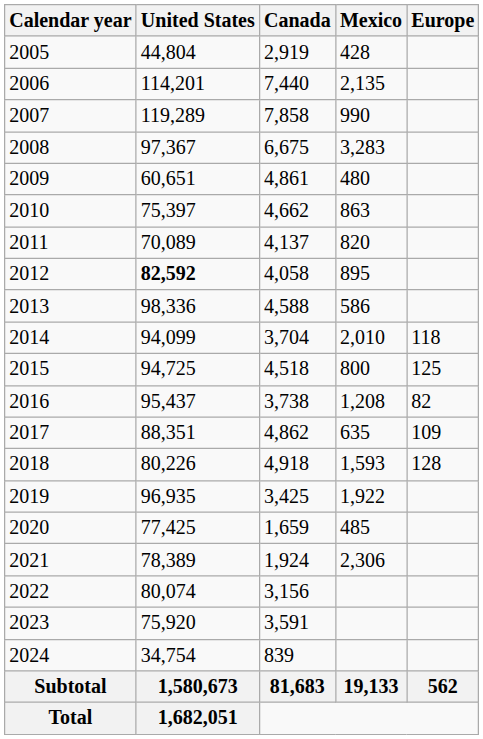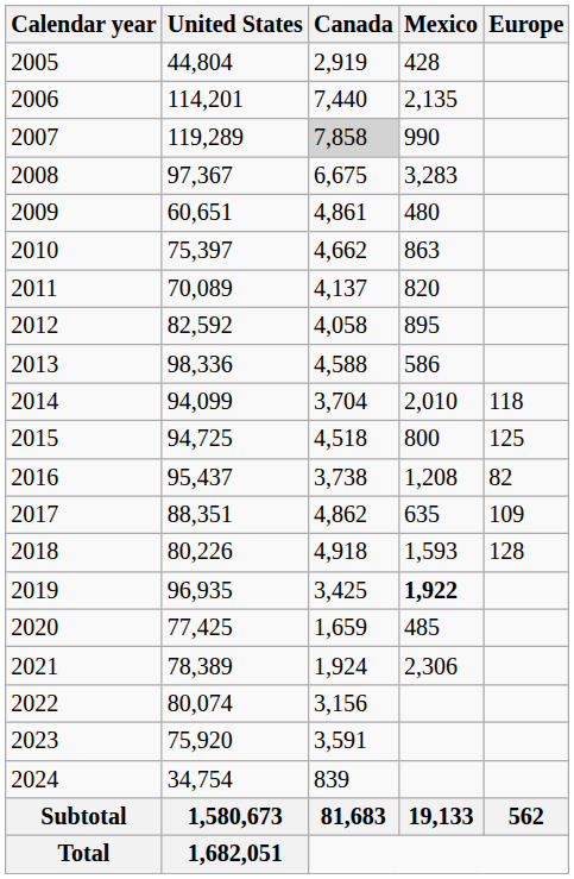 <table class="wikitable">
 <tr>
 <th>Calendar year</th>
 <th>United States</th>
 <th>Canada</th>
 <th>Mexico</th>
 <th>Europe</th>
 </tr>
 <tr>
 <td>2005</td>
 <td>44,804</td>
 <td>2,919</td>
 <td>428</td>
 <td></td>
 </tr>
 <tr>
 <td>2006</td>
 <td>114,201</td>
 <td>7,440</td>
 <td>2,135</td>
 <td></td>
 </tr>
 <tr>
 <td>2007</td>
 <td>119,289</td>
-<td>7,858</td>
+<td style="background: lightgrey;">7,858</td>
 <td>990</td>
 <td></td>
 </tr>
 <tr>
 <td>2008</td>
 <td>97,367</td>
 <td>6,675</td>
 <td>3,283</td>
 <td></td>
 </tr>
 <tr>
 <td>2009</td>
 <td>60,651</td>
 <td>4,861</td>
 <td>480</td>
 <td></td>
 </tr>
 <tr>
 <td>2010</td>
 <td>75,397</td>
 <td>4,662</td>
 <td>863</td>
 <td></td>
 </tr>
 <tr>
 <td>2011</td>
 <td>70,089</td>
 <td>4,137</td>
 <td>820</td>
 <td></td>
 </tr>
 <tr>
 <td>2012</td>
-<td><strong>82,592</strong></td>
+<td>82,592</td>
 <td>4,058</td>
 <td>895</td>
 <td></td>
 </tr>
 <tr>
 <td>2013</td>
 <td>98,336</td>
 <td>4,588</td>
 <td>586</td>
 <td></td>
 </tr>
 <tr>
 <td>2014</td>
 <td>94,099</td>
 <td>3,704</td>
 <td>2,010</td>
 <td>118</td>
 </tr>
 <tr>
 <td>2015</td>
 <td>94,725</td>
 <td>4,518</td>
 <td>800</td>
 <td>125</td>
 </tr>
 <tr>
 <td>2016</td>
 <td>95,437</td>
 <td>3,738</td>
 <td>1,208</td>
 <td>82</td>
 </tr>
 <tr>
 <td>2017</td>
 <td>88,351</td>
 <td>4,862</td>
 <td>635</td>
 <td>109</td>
 </tr>
 <tr>
 <td>2018</td>
 <td>80,226</td>
 <td>4,918</td>
 <td>1,593</td>
 <td>128</td>
 </tr>
 <tr>
 <td>2019</td>
 <td>96,935</td>
 <td>3,425</td>
-<td>1,922</td>
+<td><strong>1,922</strong></td>
 <td></td>
 </tr>
 <tr>
 <td>2020</td>
 <td>77,425</td>
 <td>1,659</td>
 <td>485</td>
 <td></td>
 </tr>
 <tr>
 <td>2021</td>
 <td>78,389</td>
 <td>1,924</td>
 <td>2,306</td>
 <td></td>
 </tr>
 <tr>
 <td>2022</td>
 <td>80,074</td>
 <td>3,156</td>
 <td></td>
 <td></td>
 </tr>
 <tr>
 <td>2023</td>
 <td>75,920</td>
 <td>3,591</td>
 <td></td>
 <td></td>
 </tr>
 <tr>
 <td>2024</td>
 <td>34,754</td>
 <td>839</td>
 <td></td>
 <td></td>
 </tr>
 <tr>
 <th>Subtotal</th>
 <th>1,580,673</th>
 <th>81,683</th>
 <th>19,133</th>
 <th>562</th>
 </tr>
 <tr>
 <th>Total</th>
 <th>1,682,051</th>
 </tr>
 <tr>
 </tr>
 </table>
